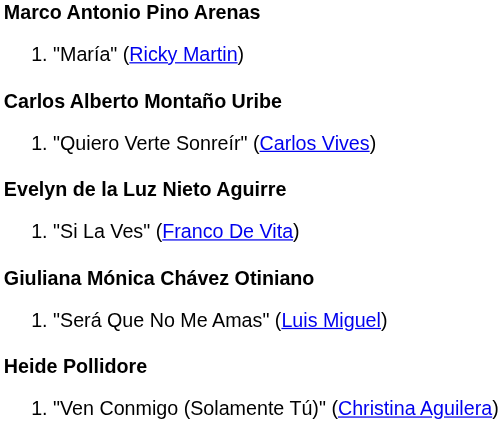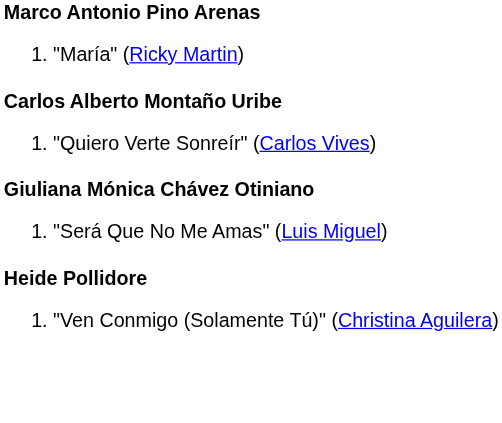 <table border="0" cellpadding="0" cellspacing="4" style="margin:0 1em 1em 0; text-align:left;">
 <tr>
 <td valign="top"></td>
 <td valign="top"><strong>Marco Antonio Pino Arenas</strong><br><ol><li>"María" (<a href='#'>Ricky Martin</a>)</li></ol></td>
 </tr>
 <tr>
 <td valign="top"></td>
 <td valign="top"><strong>Carlos Alberto Montaño Uribe</strong><br><ol><li>"Quiero Verte Sonreír" (<a href='#'>Carlos Vives</a>)</li></ol></td>
 </tr>
 <tr>
 <td valign="top"></td>
-<td valign="top"><strong>Evelyn de la Luz Nieto Aguirre</strong><br><ol><li>"Si La Ves" (<a href='#'>Franco De Vita</a>)</li></ol></td>
-</tr>
-<tr>
-<td valign="top"></td>
 <td valign="top"><strong>Giuliana Mónica Chávez Otiniano</strong><br><ol><li>"Será Que No Me Amas" (<a href='#'>Luis Miguel</a>)</li></ol></td>
 </tr>
 <tr>
 <td valign="top"></td>
 <td valign="top"><strong>Heide Pollidore</strong><br><ol><li>"Ven Conmigo (Solamente Tú)" (<a href='#'>Christina Aguilera</a>)</li></ol></td>
 </tr>
 </table>
